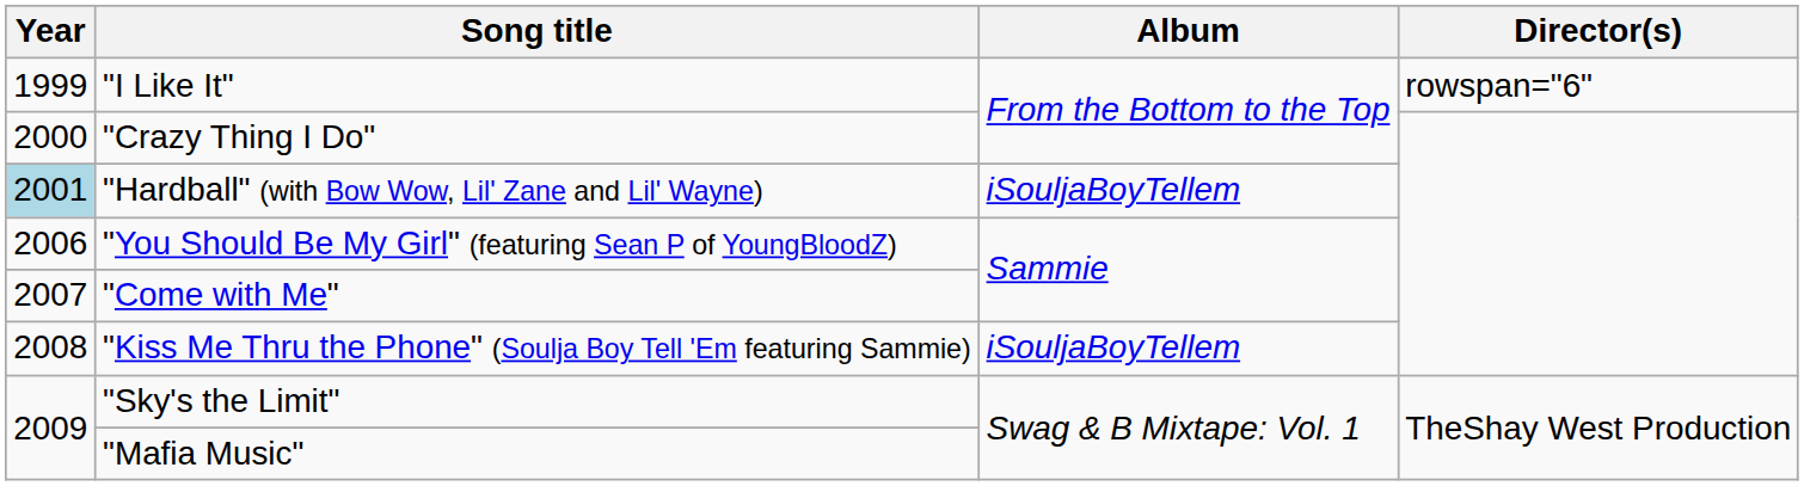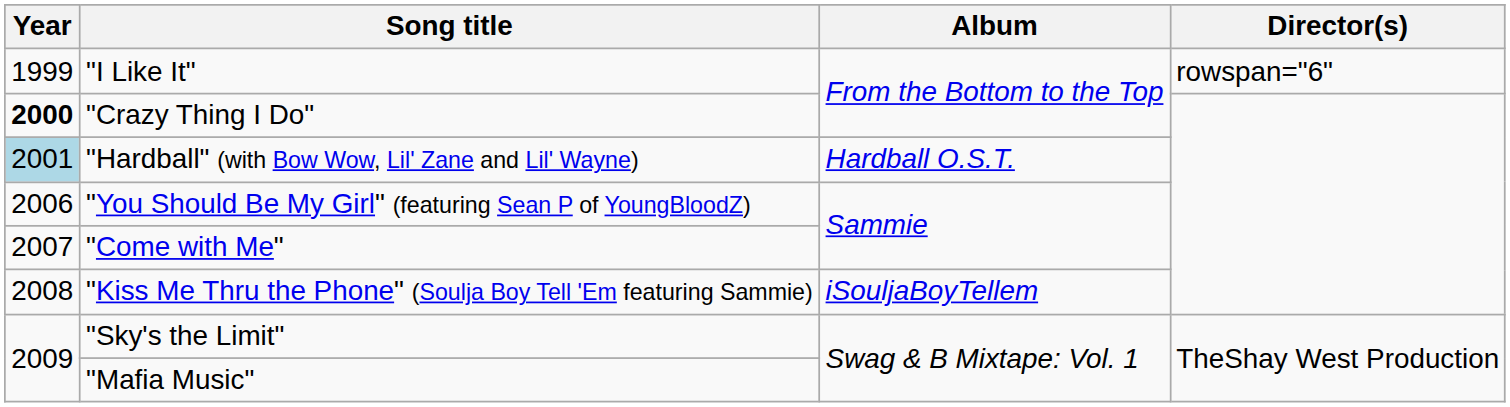 <table class="wikitable">
 <tr>
 <th>Year</th>
 <th>Song title</th>
 <th>Album</th>
 <th>Director(s)</th>
 </tr>
 <tr>
 <td>1999</td>
 <td>"I Like It"</td>
 <td rowspan="2"><em><a href='#'>From the Bottom to the Top</a></em></td>
 <td>rowspan="6" </td>
 </tr>
 <tr>
-<td>2000</td>
+<td><strong>2000</strong></td>
 <td>"Crazy Thing I Do"</td>
 </tr>
 <tr>
 <td style="background: lightblue;">2001</td>
 <td>"Hardball" <small>(with <a href='#'>Bow Wow</a>, <a href='#'>Lil' Zane</a> and <a href='#'>Lil' Wayne</a>)</small></td>
-<td><em><a href='#'>iSouljaBoyTellem</a></em></td>
+<td><em><a href='#'>Hardball O.S.T.</a></em></td>
 </tr>
 <tr>
 <td>2006</td>
 <td>"<a href='#'>You Should Be My Girl</a>" <small>(featuring <a href='#'>Sean P</a> of <a href='#'>YoungBloodZ</a>)</small></td>
 <td rowspan="2"><em><a href='#'>Sammie</a></em></td>
 </tr>
 <tr>
 <td>2007</td>
 <td>"<a href='#'>Come with Me</a>"</td>
 </tr>
 <tr>
 <td>2008</td>
 <td>"<a href='#'>Kiss Me Thru the Phone</a>" <small>(<a href='#'>Soulja Boy Tell 'Em</a> featuring Sammie)</small></td>
 <td><em><a href='#'>iSouljaBoyTellem</a></em></td>
 </tr>
 <tr>
 <td rowspan="2">2009</td>
 <td>"Sky's the Limit"</td>
 <td rowspan="2"><em> Swag & B Mixtape: Vol. 1</em></td>
 <td rowspan="2">TheShay West Production</td>
 </tr>
 <tr>
 <td>"Mafia Music"</td>
 </tr>
 </table>
